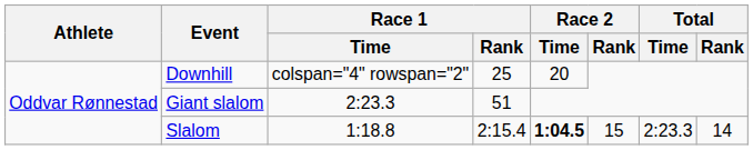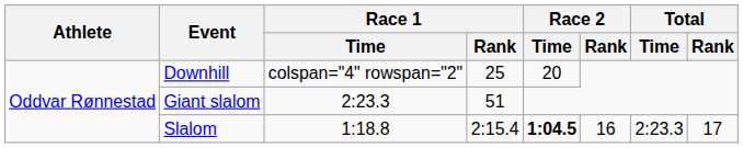 <table class="wikitable" style="font-size:90%">
 <tr>
 <th rowspan="2">Athlete</th>
 <th rowspan="2">Event</th>
 <th colspan="2">Race 1</th>
 <th colspan="2">Race 2</th>
 <th colspan="2">Total</th>
 </tr>
 <tr>
 <th>Time</th>
 <th>Rank</th>
 <th>Time</th>
 <th>Rank</th>
 <th>Time</th>
 <th>Rank</th>
 </tr>
 <tr>
 <td rowspan="3"><a href='#'>Oddvar Rønnestad</a></td>
 <td><a href='#'>Downhill</a></td>
 <td>colspan="4" rowspan="2" </td>
 <td align="center">25</td>
 <td align="center">20</td>
 </tr>
 <tr>
 <td><a href='#'>Giant slalom</a></td>
 <td align="center">2:23.3</td>
 <td align="center">51</td>
 </tr>
 <tr>
 <td><a href='#'>Slalom</a></td>
 <td align="center">1:18.8</td>
 <td align="center">2:15.4</td>
 <td align="center"><strong>1:04.5</strong></td>
-<td align="center">15</td>
+<td align="center">16</td>
 <td align="center">2:23.3</td>
-<td align="center">14</td>
+<td align="center">17</td>
 </tr>
 </table>
